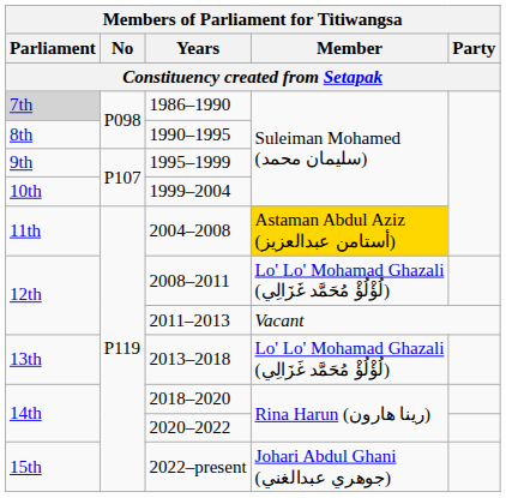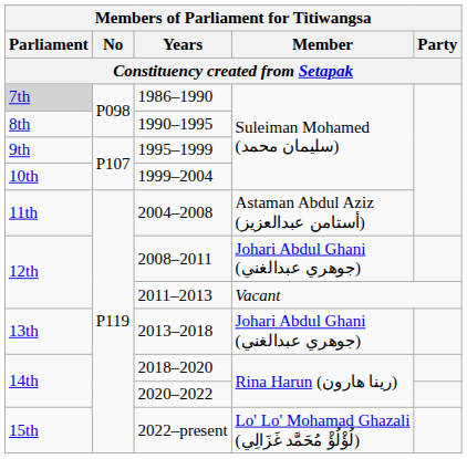 <table class=wikitable>
 <tr>
 <th colspan="5">Members of Parliament for Titiwangsa</th>
 </tr>
 <tr>
 <th>Parliament</th>
 <th>No</th>
 <th>Years</th>
 <th>Member</th>
 <th>Party</th>
 </tr>
 <tr>
 <th colspan="5" align="center"><em>Constituency created from <a href='#'>Setapak</a></em></th>
 </tr>
 <tr>
 <td style="background: lightgrey;"><a href='#'>7th</a></td>
 <td rowspan="2">P098</td>
 <td>1986–1990</td>
 <td rowspan=4>Suleiman Mohamed <br> (سليمان محمد)</td>
 <td rowspan="5"></td>
 </tr>
 <tr>
 <td><a href='#'>8th</a></td>
 <td>1990–1995</td>
 </tr>
 <tr>
 <td><a href='#'>9th</a></td>
 <td rowspan="2">P107</td>
 <td>1995–1999</td>
 </tr>
 <tr>
 <td><a href='#'>10th</a></td>
 <td>1999–2004</td>
 </tr>
 <tr>
 <td><a href='#'>11th</a></td>
 <td rowspan="7">P119</td>
 <td>2004–2008</td>
-<td style="background: gold;">Astaman Abdul Aziz <br> (أستامن عبدالعزيز)</td>
+<td>Astaman Abdul Aziz <br> (أستامن عبدالعزيز)</td>
 </tr>
 <tr>
 <td rowspan=2><a href='#'>12th</a></td>
 <td>2008–2011</td>
-<td><a href='#'>Lo' Lo' Mohamad Ghazali</a> <br> (لُؤْلُؤْ مُحَمَّد غَزَالِي)</td>
+<td><a href='#'>Johari Abdul Ghani</a>  <br>(جوهري عبدالغني)</td>
 <td></td>
 </tr>
 <tr>
 <td>2011–2013</td>
 <td colspan="2"><em>Vacant</em></td>
 </tr>
 <tr>
 <td><a href='#'>13th</a></td>
 <td>2013–2018</td>
-<td><a href='#'>Lo' Lo' Mohamad Ghazali</a> <br> (لُؤْلُؤْ مُحَمَّد غَزَالِي)</td>
+<td><a href='#'>Johari Abdul Ghani</a>  <br>(جوهري عبدالغني)</td>
 <td></td>
 </tr>
 <tr>
 <td rowspan="2"><a href='#'>14th</a></td>
 <td>2018–2020</td>
 <td rowspan="2"><a href='#'>Rina Harun</a> (رينا هارون)</td>
 <td></td>
 </tr>
 <tr>
 <td>2020–2022</td>
 <td></td>
 </tr>
 <tr>
 <td><a href='#'>15th</a></td>
 <td>2022–present</td>
-<td><a href='#'>Johari Abdul Ghani</a>  <br>(جوهري عبدالغني)</td>
+<td><a href='#'>Lo' Lo' Mohamad Ghazali</a> <br> (لُؤْلُؤْ مُحَمَّد غَزَالِي)</td>
 <td></td>
 </tr>
 </table>
